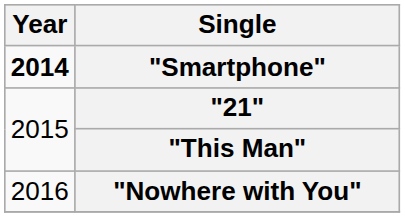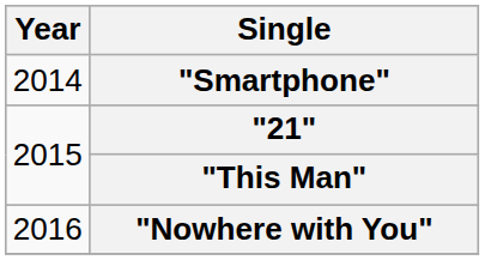 <table class="wikitable plainrowheaders" style="text-align:center;">
 <tr>
 <th>Year</th>
 <th style="width:12em;">Single</th>
 </tr>
 <tr>
-<td><strong>2014</strong></td>
+<td>2014</td>
 <th scope="row">"Smartphone"</th>
 </tr>
 <tr>
 <td rowspan="2">2015</td>
 <th scope="row">"21"</th>
 </tr>
 <tr>
 <th scope="row">"This Man"</th>
 </tr>
 <tr>
 <td>2016</td>
 <th scope="row">"Nowhere with You"</th>
 </tr>
 <tr>
 </tr>
 </table>
